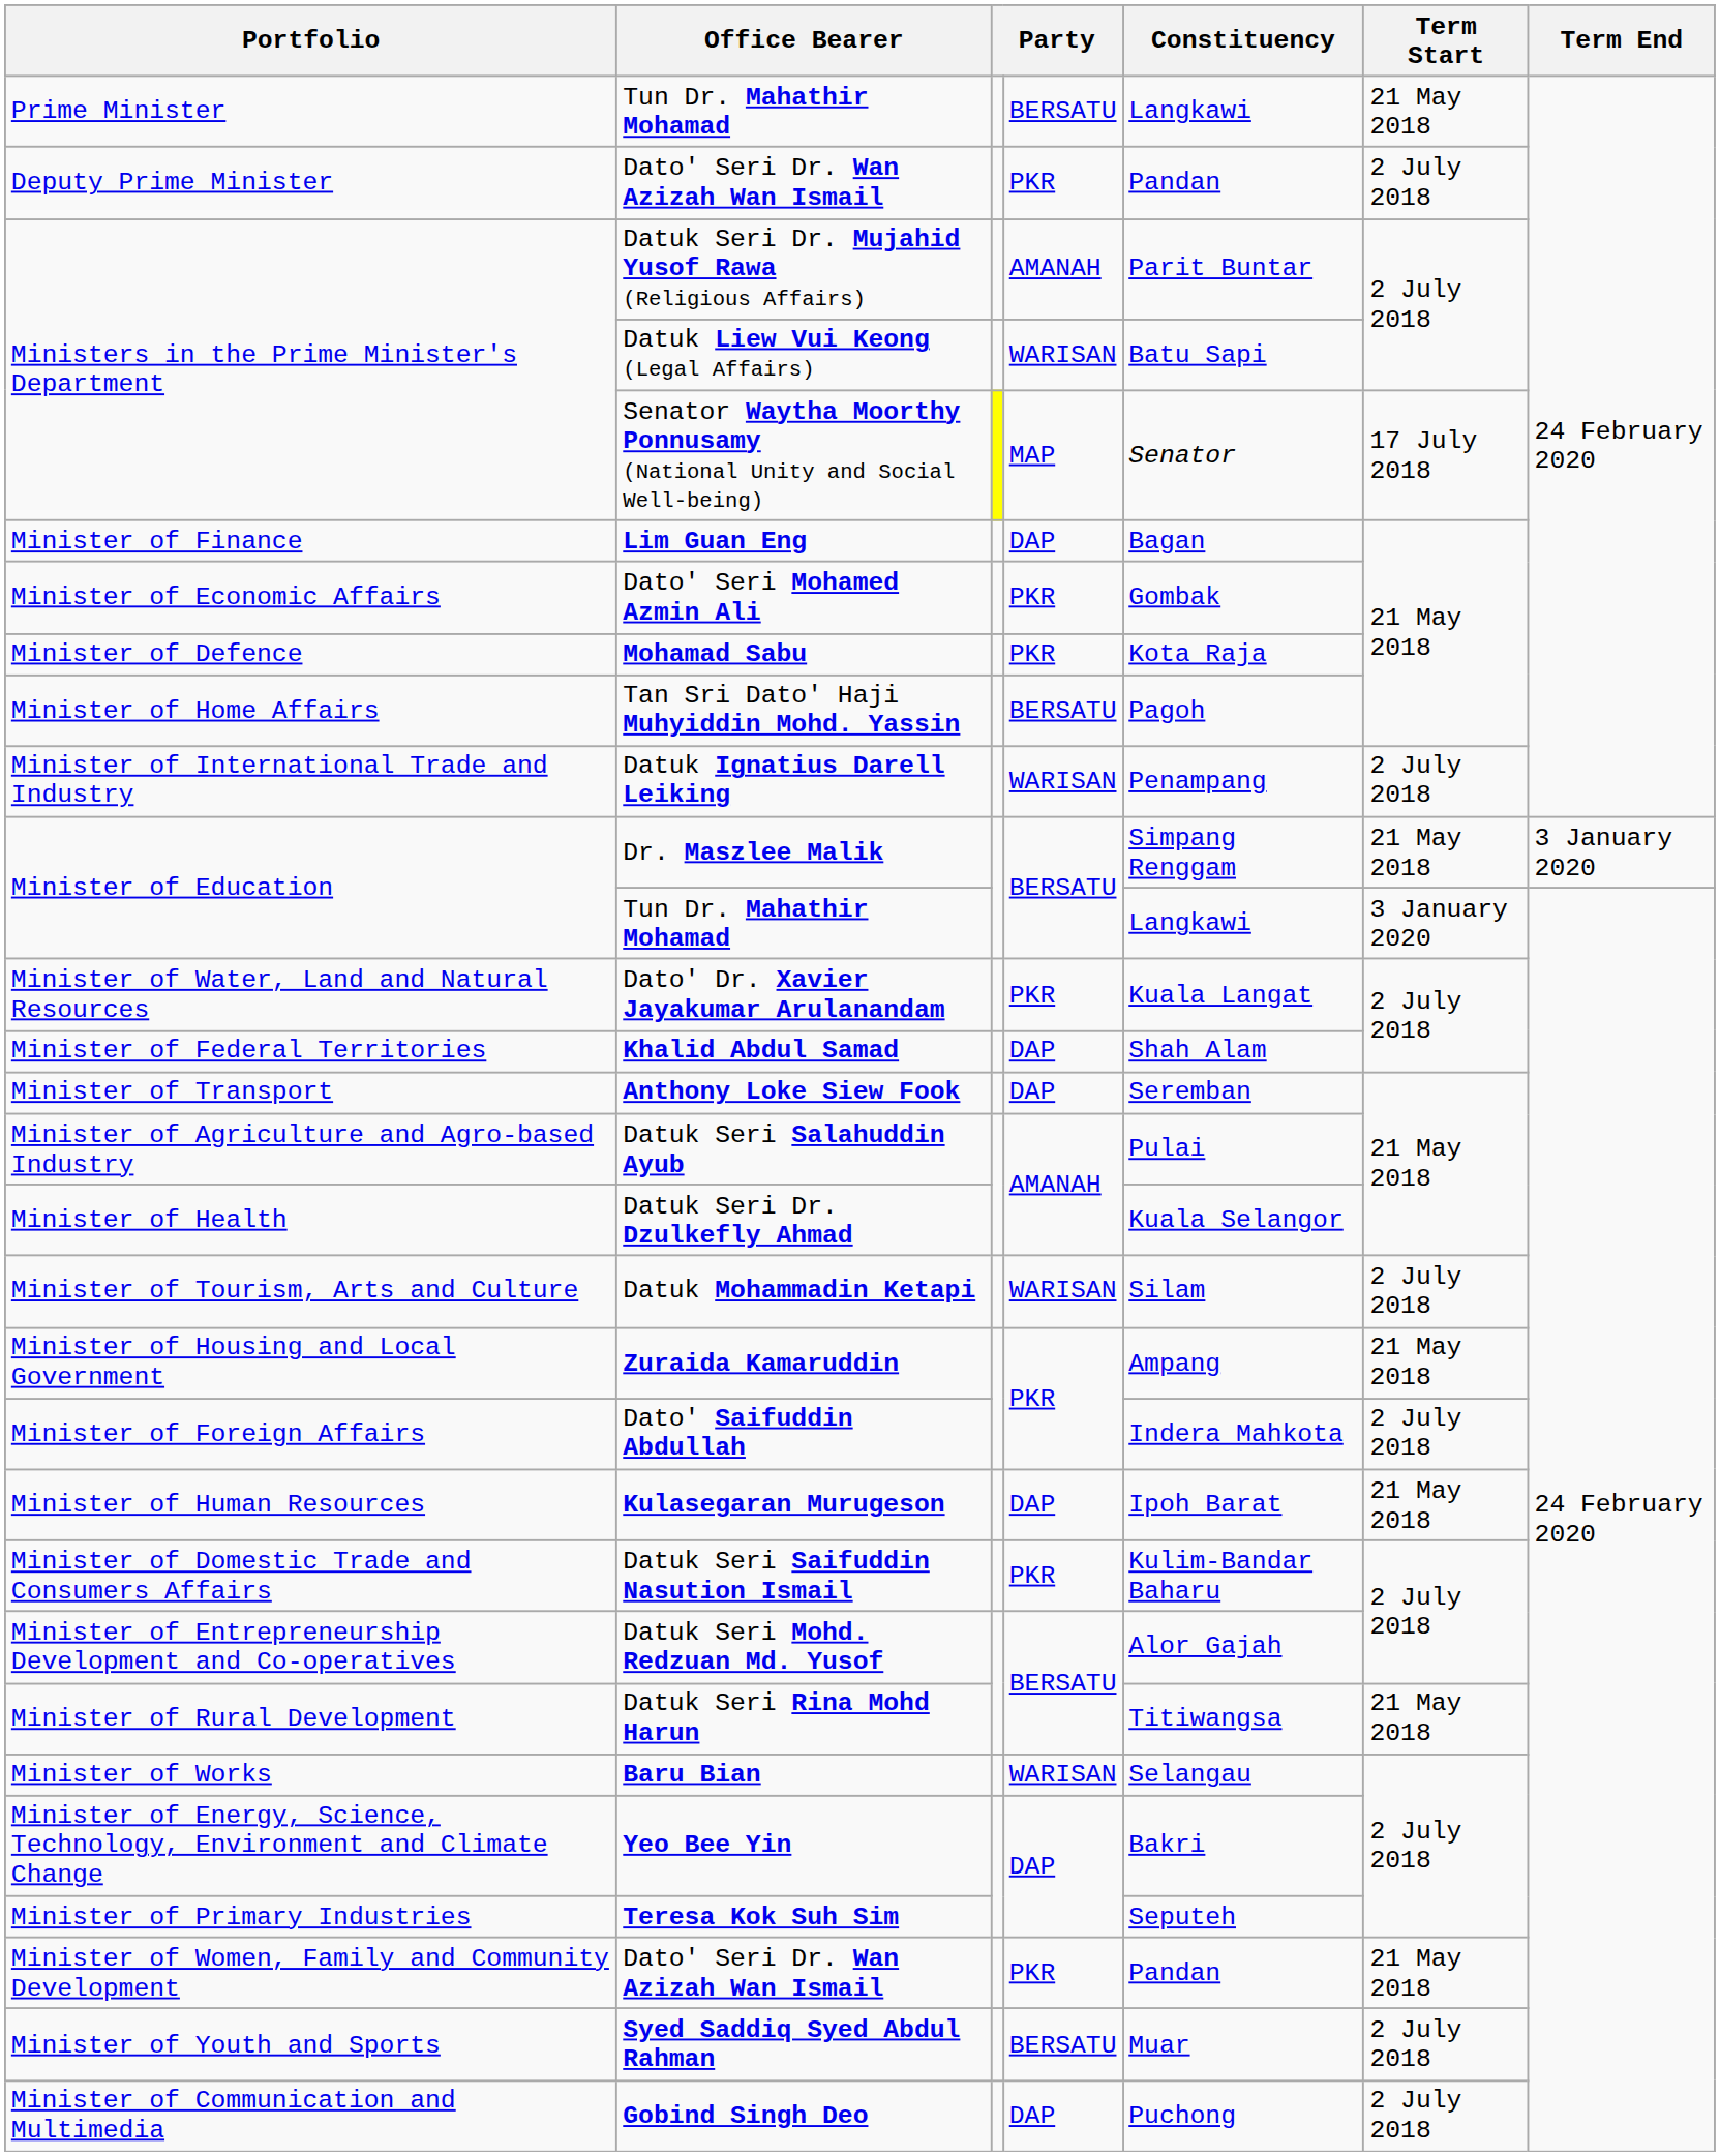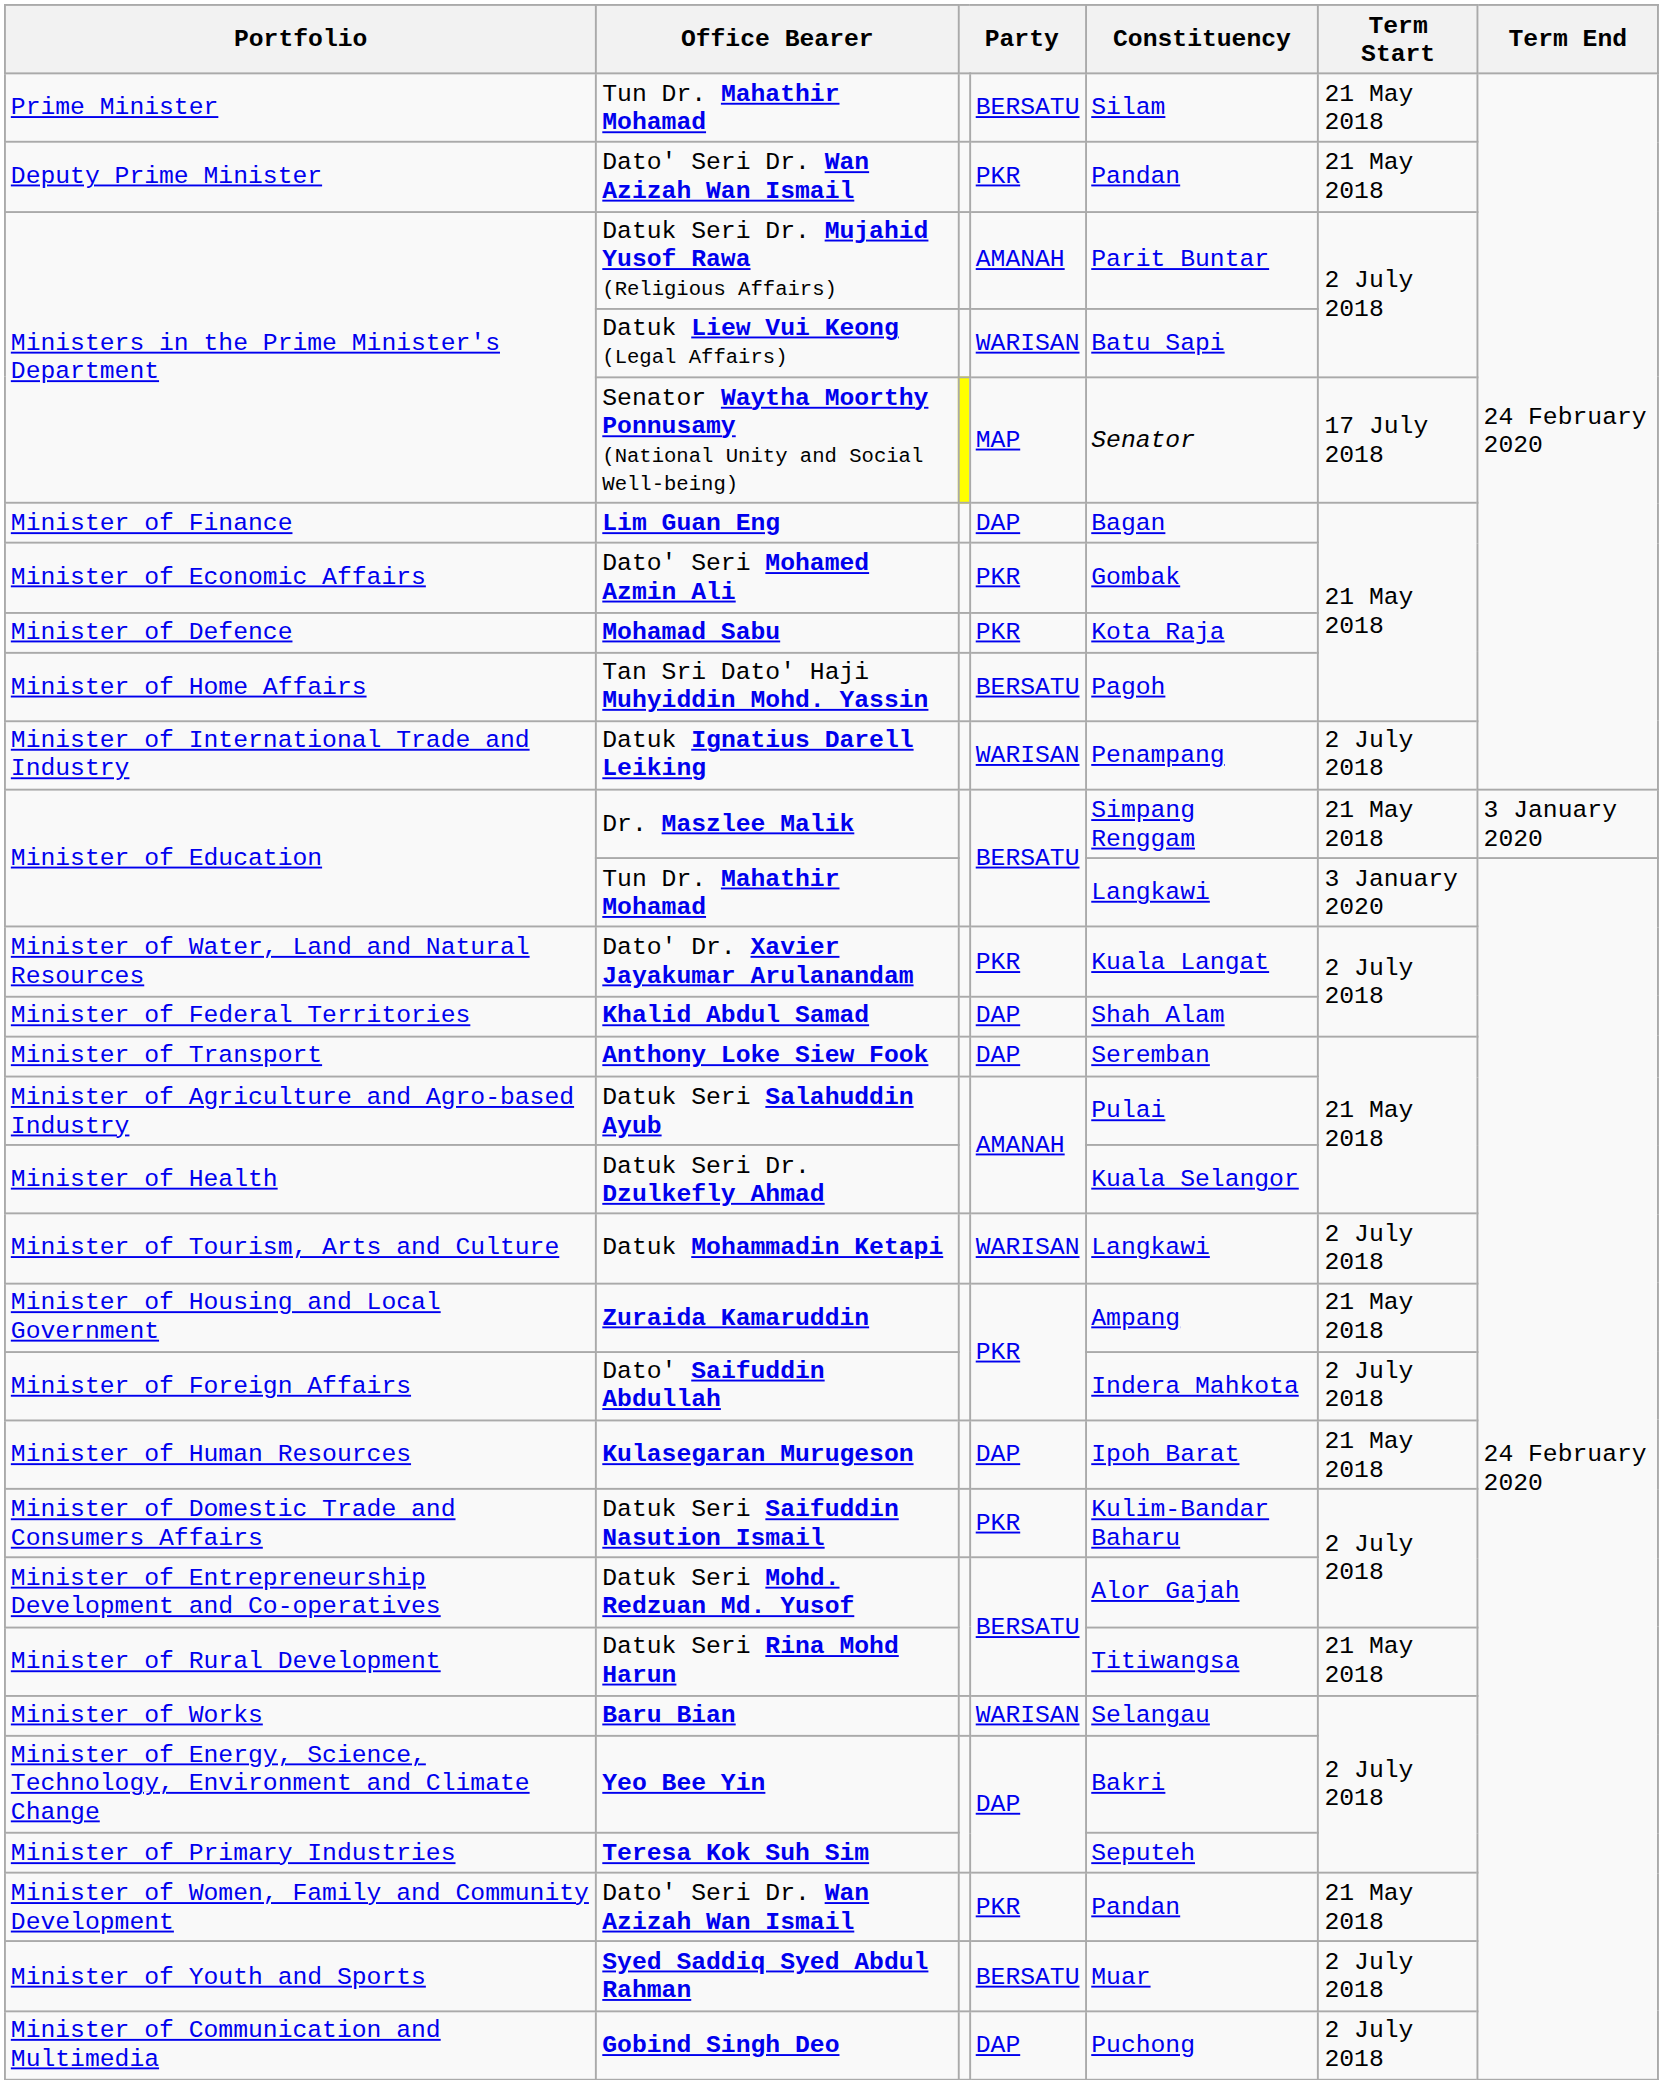 <table class="sortable wikitable">
 <tr>
 <th>Portfolio</th>
 <th>Office Bearer</th>
 <th colspan="2">Party</th>
 <th>Constituency</th>
 <th>Term Start</th>
 <th>Term End</th>
 </tr>
 <tr>
 <td><a href='#'>Prime Minister</a></td>
 <td>Tun Dr. <strong><a href='#'>Mahathir Mohamad</a></strong> </td>
 <td></td>
 <td><a href='#'>BERSATU</a></td>
-<td><a href='#'>Langkawi</a></td>
+<td><a href='#'>Silam</a></td>
 <td>21 May 2018</td>
 <td rowspan=10>24 February 2020</td>
 </tr>
 <tr>
 <td><a href='#'>Deputy Prime Minister</a></td>
 <td>Dato' Seri Dr. <strong><a href='#'>Wan Azizah Wan Ismail</a></strong> </td>
 <td></td>
 <td><a href='#'>PKR</a></td>
 <td><a href='#'>Pandan</a></td>
-<td>2 July 2018</td>
+<td>21 May 2018</td>
 </tr>
 <tr>
 <td rowspan="3"><a href='#'>Ministers in the Prime Minister's Department</a></td>
 <td>Datuk Seri Dr. <strong><a href='#'>Mujahid Yusof Rawa</a></strong> <br><small>(Religious Affairs)</small></td>
 <td></td>
 <td><a href='#'>AMANAH</a></td>
 <td><a href='#'>Parit Buntar</a></td>
 <td rowspan=2>2 July 2018</td>
 </tr>
 <tr>
 <td>Datuk <strong><a href='#'>Liew Vui Keong</a></strong> <br><small>(Legal Affairs)</small></td>
 <td></td>
 <td><a href='#'>WARISAN</a></td>
 <td><a href='#'>Batu Sapi</a></td>
 </tr>
 <tr>
 <td>Senator <strong><a href='#'>Waytha Moorthy Ponnusamy</a></strong> <br><small>(National Unity and Social Well-being)</small></td>
 <td bgcolor=yellow></td>
 <td><a href='#'>MAP</a></td>
 <td><em>Senator</em></td>
 <td>17 July 2018</td>
 </tr>
 <tr>
 <td><a href='#'>Minister of Finance</a></td>
 <td><strong><a href='#'>Lim Guan Eng</a></strong> </td>
 <td></td>
 <td><a href='#'>DAP</a></td>
 <td><a href='#'>Bagan</a></td>
 <td rowspan=4>21 May 2018</td>
 </tr>
 <tr>
 <td><a href='#'>Minister of Economic Affairs</a></td>
 <td>Dato' Seri <strong><a href='#'>Mohamed Azmin Ali</a></strong> </td>
 <td></td>
 <td><a href='#'>PKR</a></td>
 <td><a href='#'>Gombak</a></td>
 </tr>
 <tr>
 <td><a href='#'>Minister of Defence</a></td>
 <td><strong><a href='#'>Mohamad Sabu</a></strong> </td>
 <td></td>
 <td><a href='#'>PKR</a></td>
 <td><a href='#'>Kota Raja</a></td>
 </tr>
 <tr>
 <td><a href='#'>Minister of Home Affairs</a></td>
 <td>Tan Sri Dato' Haji <strong><a href='#'>Muhyiddin Mohd. Yassin</a></strong> </td>
 <td></td>
 <td><a href='#'>BERSATU</a></td>
 <td><a href='#'>Pagoh</a></td>
 </tr>
 <tr>
 <td><a href='#'>Minister of International Trade and Industry</a></td>
 <td>Datuk <strong><a href='#'>Ignatius Darell Leiking</a></strong> </td>
 <td></td>
 <td><a href='#'>WARISAN</a></td>
 <td><a href='#'>Penampang</a></td>
 <td>2 July 2018</td>
 </tr>
 <tr>
 <td rowspan="2"><a href='#'>Minister of Education</a></td>
 <td>Dr. <strong><a href='#'>Maszlee Malik</a></strong> </td>
 <td rowspan=2></td>
 <td rowspan=2><a href='#'>BERSATU</a></td>
 <td><a href='#'>Simpang Renggam</a></td>
 <td>21 May 2018</td>
 <td>3 January 2020</td>
 </tr>
 <tr>
 <td>Tun Dr. <strong><a href='#'>Mahathir Mohamad</a></strong> </td>
 <td><a href='#'>Langkawi</a></td>
 <td>3 January 2020</td>
 <td rowspan=19>24 February 2020</td>
 </tr>
 <tr>
 <td><a href='#'>Minister of Water, Land and Natural Resources</a></td>
 <td>Dato' Dr. <strong><a href='#'>Xavier Jayakumar Arulanandam</a></strong> </td>
 <td></td>
 <td><a href='#'>PKR</a></td>
 <td><a href='#'>Kuala Langat</a></td>
 <td rowspan=2>2 July 2018</td>
 </tr>
 <tr>
 <td><a href='#'>Minister of Federal Territories</a></td>
 <td><strong><a href='#'>Khalid Abdul Samad</a></strong> </td>
 <td></td>
 <td><a href='#'>DAP</a></td>
 <td><a href='#'>Shah Alam</a></td>
 </tr>
 <tr>
 <td><a href='#'>Minister of Transport</a></td>
 <td><strong><a href='#'>Anthony Loke Siew Fook</a></strong> </td>
 <td></td>
 <td><a href='#'>DAP</a></td>
 <td><a href='#'>Seremban</a></td>
 <td rowspan=3>21 May 2018</td>
 </tr>
 <tr>
 <td><a href='#'>Minister of Agriculture and Agro-based Industry</a></td>
 <td>Datuk Seri <strong><a href='#'>Salahuddin Ayub</a></strong> </td>
 <td rowspan=2></td>
 <td rowspan=2><a href='#'>AMANAH</a></td>
 <td><a href='#'>Pulai</a></td>
 </tr>
 <tr>
 <td><a href='#'>Minister of Health</a></td>
 <td>Datuk Seri Dr. <strong><a href='#'>Dzulkefly Ahmad</a></strong> </td>
 <td><a href='#'>Kuala Selangor</a></td>
 </tr>
 <tr>
 <td><a href='#'>Minister of Tourism, Arts and Culture</a></td>
 <td>Datuk <strong><a href='#'>Mohammadin Ketapi</a></strong> </td>
 <td></td>
 <td><a href='#'>WARISAN</a></td>
-<td><a href='#'>Silam</a></td>
+<td><a href='#'>Langkawi</a></td>
 <td>2 July 2018</td>
 </tr>
 <tr>
 <td><a href='#'>Minister of Housing and Local Government</a></td>
 <td><strong><a href='#'>Zuraida Kamaruddin</a></strong> </td>
 <td rowspan=2></td>
 <td rowspan=2><a href='#'>PKR</a></td>
 <td><a href='#'>Ampang</a></td>
 <td>21 May 2018</td>
 </tr>
 <tr>
 <td><a href='#'>Minister of Foreign Affairs</a></td>
 <td>Dato' <strong><a href='#'>Saifuddin Abdullah</a></strong> </td>
 <td><a href='#'>Indera Mahkota</a></td>
 <td>2 July 2018</td>
 </tr>
 <tr>
 <td><a href='#'>Minister of Human Resources</a></td>
 <td><strong><a href='#'>Kulasegaran Murugeson</a></strong> </td>
 <td></td>
 <td><a href='#'>DAP</a></td>
 <td><a href='#'>Ipoh Barat</a></td>
 <td>21 May 2018</td>
 </tr>
 <tr>
 <td><a href='#'>Minister of Domestic Trade and Consumers Affairs</a></td>
 <td>Datuk Seri <strong><a href='#'>Saifuddin Nasution Ismail</a></strong> </td>
 <td></td>
 <td><a href='#'>PKR</a></td>
 <td><a href='#'>Kulim-Bandar Baharu</a></td>
 <td rowspan=2>2 July 2018</td>
 </tr>
 <tr>
 <td><a href='#'>Minister of Entrepreneurship Development and Co-operatives</a></td>
 <td>Datuk Seri <strong><a href='#'>Mohd. Redzuan Md. Yusof</a></strong> </td>
 <td rowspan=2></td>
 <td rowspan=2><a href='#'>BERSATU</a></td>
 <td><a href='#'>Alor Gajah</a></td>
 </tr>
 <tr>
 <td><a href='#'>Minister of Rural Development</a></td>
 <td>Datuk Seri <strong><a href='#'>Rina Mohd Harun</a></strong> </td>
 <td><a href='#'>Titiwangsa</a></td>
 <td>21 May 2018</td>
 </tr>
 <tr>
 <td><a href='#'>Minister of Works</a></td>
 <td><strong><a href='#'>Baru Bian</a></strong> </td>
 <td></td>
 <td><a href='#'>WARISAN</a></td>
 <td><a href='#'>Selangau</a></td>
 <td rowspan=3>2 July 2018</td>
 </tr>
 <tr>
 <td><a href='#'>Minister of Energy, Science, Technology, Environment and Climate Change</a></td>
 <td><strong><a href='#'>Yeo Bee Yin</a></strong> </td>
 <td rowspan=2></td>
 <td rowspan=2><a href='#'>DAP</a></td>
 <td><a href='#'>Bakri</a></td>
 </tr>
 <tr>
 <td><a href='#'>Minister of Primary Industries</a></td>
 <td><strong><a href='#'>Teresa Kok Suh Sim</a></strong> </td>
 <td><a href='#'>Seputeh</a></td>
 </tr>
 <tr>
 <td><a href='#'>Minister of Women, Family and Community Development</a></td>
 <td>Dato' Seri Dr. <strong><a href='#'>Wan Azizah Wan Ismail</a></strong> </td>
 <td></td>
 <td><a href='#'>PKR</a></td>
 <td><a href='#'>Pandan</a></td>
 <td>21 May 2018</td>
 </tr>
 <tr>
 <td><a href='#'>Minister of Youth and Sports</a></td>
 <td><strong><a href='#'>Syed Saddiq Syed Abdul Rahman</a></strong> </td>
 <td></td>
 <td><a href='#'>BERSATU</a></td>
 <td><a href='#'>Muar</a></td>
 <td>2 July 2018</td>
 </tr>
 <tr>
 <td><a href='#'>Minister of Communication and Multimedia</a></td>
 <td><strong><a href='#'>Gobind Singh Deo</a></strong> </td>
 <td></td>
 <td><a href='#'>DAP</a></td>
 <td><a href='#'>Puchong</a></td>
 <td>2 July 2018</td>
 </tr>
 </table>
